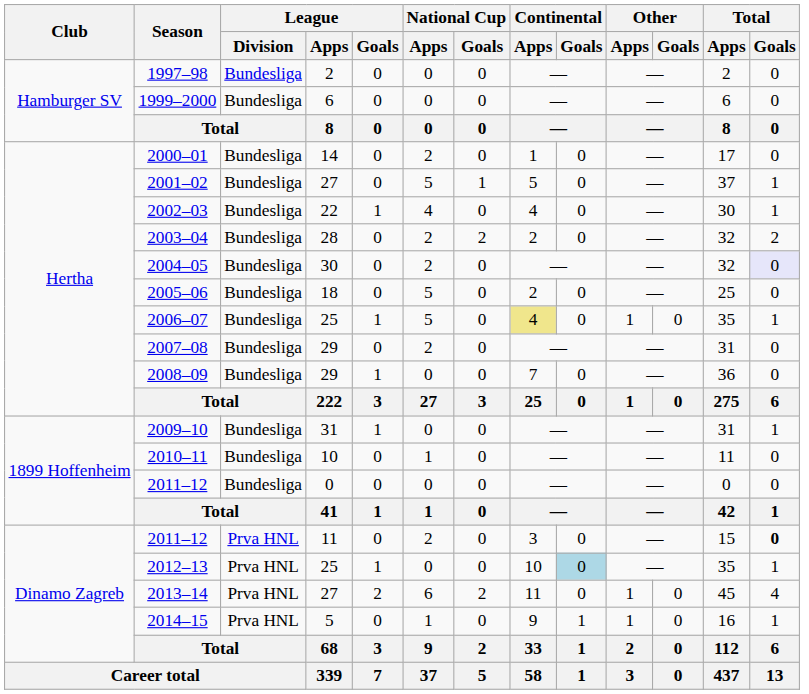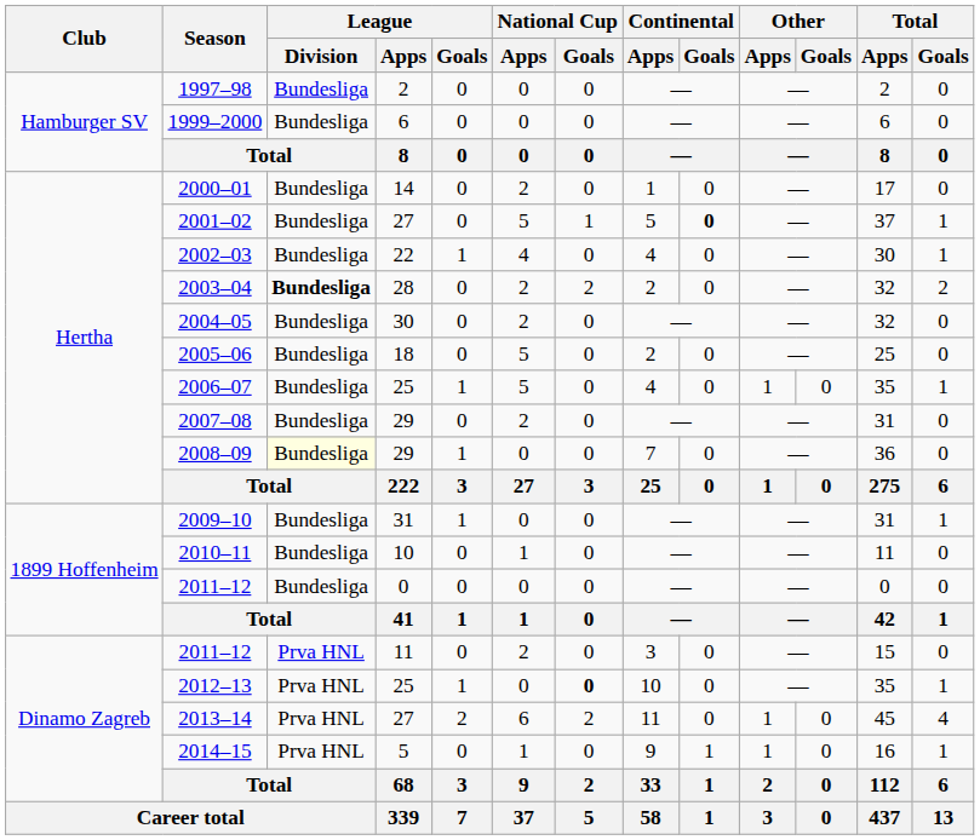 <table class="wikitable" style="text-align:center">
 <tr>
 <th rowspan="2">Club</th>
 <th rowspan="2">Season</th>
 <th colspan="3">League</th>
 <th colspan="2">National Cup</th>
 <th colspan="2">Continental</th>
 <th colspan="2">Other</th>
 <th colspan="2">Total</th>
 </tr>
 <tr>
 <th>Division</th>
 <th>Apps</th>
 <th>Goals</th>
 <th>Apps</th>
 <th>Goals</th>
 <th>Apps</th>
 <th>Goals</th>
 <th>Apps</th>
 <th>Goals</th>
 <th>Apps</th>
 <th>Goals</th>
 </tr>
 <tr>
 <td rowspan="3"><a href='#'>Hamburger SV</a></td>
 <td><a href='#'>1997–98</a></td>
 <td><a href='#'>Bundesliga</a></td>
 <td>2</td>
 <td>0</td>
 <td>0</td>
 <td>0</td>
 <td colspan="2">—</td>
 <td colspan="2">—</td>
 <td>2</td>
 <td>0</td>
 </tr>
 <tr>
 <td><a href='#'>1999–2000</a></td>
 <td>Bundesliga</td>
 <td>6</td>
 <td>0</td>
 <td>0</td>
 <td>0</td>
 <td colspan="2">—</td>
 <td colspan="2">—</td>
 <td>6</td>
 <td>0</td>
 </tr>
 <tr>
 <th colspan="2">Total</th>
 <th>8</th>
 <th>0</th>
 <th>0</th>
 <th>0</th>
 <th colspan="2">—</th>
 <th colspan="2">—</th>
 <th>8</th>
 <th>0</th>
 </tr>
 <tr>
 <td rowspan="10"><a href='#'>Hertha</a></td>
 <td><a href='#'>2000–01</a></td>
 <td>Bundesliga</td>
 <td>14</td>
 <td>0</td>
 <td>2</td>
 <td>0</td>
 <td>1</td>
 <td>0</td>
 <td colspan="2">—</td>
 <td>17</td>
 <td>0</td>
 </tr>
 <tr>
 <td><a href='#'>2001–02</a></td>
 <td>Bundesliga</td>
 <td>27</td>
 <td>0</td>
 <td>5</td>
 <td>1</td>
 <td>5</td>
-<td>0</td>
+<td><strong>0</strong></td>
 <td colspan="2">—</td>
 <td>37</td>
 <td>1</td>
 </tr>
 <tr>
 <td><a href='#'>2002–03</a></td>
 <td>Bundesliga</td>
 <td>22</td>
 <td>1</td>
 <td>4</td>
 <td>0</td>
 <td>4</td>
 <td>0</td>
 <td colspan="2">—</td>
 <td>30</td>
 <td>1</td>
 </tr>
 <tr>
 <td><a href='#'>2003–04</a></td>
-<td>Bundesliga</td>
+<td><strong>Bundesliga</strong></td>
 <td>28</td>
 <td>0</td>
 <td>2</td>
 <td>2</td>
 <td>2</td>
 <td>0</td>
 <td colspan="2">—</td>
 <td>32</td>
 <td>2</td>
 </tr>
 <tr>
 <td><a href='#'>2004–05</a></td>
 <td>Bundesliga</td>
 <td>30</td>
 <td>0</td>
 <td>2</td>
 <td>0</td>
 <td colspan="2">—</td>
 <td colspan="2">—</td>
 <td>32</td>
-<td style="background: lavender;">0</td>
+<td>0</td>
 </tr>
 <tr>
 <td><a href='#'>2005–06</a></td>
 <td>Bundesliga</td>
 <td>18</td>
 <td>0</td>
 <td>5</td>
 <td>0</td>
 <td>2</td>
 <td>0</td>
 <td colspan="2">—</td>
 <td>25</td>
 <td>0</td>
 </tr>
 <tr>
 <td><a href='#'>2006–07</a></td>
 <td>Bundesliga</td>
 <td>25</td>
 <td>1</td>
 <td>5</td>
 <td>0</td>
-<td style="background: khaki;">4</td>
+<td>4</td>
 <td>0</td>
 <td>1</td>
 <td>0</td>
 <td>35</td>
 <td>1</td>
 </tr>
 <tr>
 <td><a href='#'>2007–08</a></td>
 <td>Bundesliga</td>
 <td>29</td>
 <td>0</td>
 <td>2</td>
 <td>0</td>
 <td colspan="2">—</td>
 <td colspan="2">—</td>
 <td>31</td>
 <td>0</td>
 </tr>
 <tr>
 <td><a href='#'>2008–09</a></td>
-<td>Bundesliga</td>
+<td style="background: lightyellow;">Bundesliga</td>
 <td>29</td>
 <td>1</td>
 <td>0</td>
 <td>0</td>
 <td>7</td>
 <td>0</td>
 <td colspan="2">—</td>
 <td>36</td>
 <td>0</td>
 </tr>
 <tr>
 <th colspan="2">Total</th>
 <th>222</th>
 <th>3</th>
 <th>27</th>
 <th>3</th>
 <th>25</th>
 <th>0</th>
 <th>1</th>
 <th>0</th>
 <th>275</th>
 <th>6</th>
 </tr>
 <tr>
 <td rowspan="4"><a href='#'>1899 Hoffenheim</a></td>
 <td><a href='#'>2009–10</a></td>
 <td>Bundesliga</td>
 <td>31</td>
 <td>1</td>
 <td>0</td>
 <td>0</td>
 <td colspan="2">—</td>
 <td colspan="2">—</td>
 <td>31</td>
 <td>1</td>
 </tr>
 <tr>
 <td><a href='#'>2010–11</a></td>
 <td>Bundesliga</td>
 <td>10</td>
 <td>0</td>
 <td>1</td>
 <td>0</td>
 <td colspan="2">—</td>
 <td colspan="2">—</td>
 <td>11</td>
 <td>0</td>
 </tr>
 <tr>
 <td><a href='#'>2011–12</a></td>
 <td>Bundesliga</td>
 <td>0</td>
 <td>0</td>
 <td>0</td>
 <td>0</td>
 <td colspan="2">—</td>
 <td colspan="2">—</td>
 <td>0</td>
 <td>0</td>
 </tr>
 <tr>
 <th colspan="2">Total</th>
 <th>41</th>
 <th>1</th>
 <th>1</th>
 <th>0</th>
 <th colspan="2">—</th>
 <th colspan="2">—</th>
 <th>42</th>
 <th>1</th>
 </tr>
 <tr>
 <td rowspan="5"><a href='#'>Dinamo Zagreb</a></td>
 <td><a href='#'>2011–12</a></td>
 <td><a href='#'>Prva HNL</a></td>
 <td>11</td>
 <td>0</td>
 <td>2</td>
 <td>0</td>
 <td>3</td>
 <td>0</td>
 <td colspan="2">—</td>
 <td>15</td>
-<td><strong>0</strong></td>
+<td>0</td>
 </tr>
 <tr>
 <td><a href='#'>2012–13</a></td>
 <td>Prva HNL</td>
 <td>25</td>
 <td>1</td>
 <td>0</td>
+<td><strong>0</strong></td>
+<td>10</td>
 <td>0</td>
-<td>10</td>
-<td style="background: lightblue;">0</td>
 <td colspan="2">—</td>
 <td>35</td>
 <td>1</td>
 </tr>
 <tr>
 <td><a href='#'>2013–14</a></td>
 <td>Prva HNL</td>
 <td>27</td>
 <td>2</td>
 <td>6</td>
 <td>2</td>
 <td>11</td>
 <td>0</td>
 <td>1</td>
 <td>0</td>
 <td>45</td>
 <td>4</td>
 </tr>
 <tr>
 <td><a href='#'>2014–15</a></td>
 <td>Prva HNL</td>
 <td>5</td>
 <td>0</td>
 <td>1</td>
 <td>0</td>
 <td>9</td>
 <td>1</td>
 <td>1</td>
 <td>0</td>
 <td>16</td>
 <td>1</td>
 </tr>
 <tr>
 <th colspan="2">Total</th>
 <th>68</th>
 <th>3</th>
 <th>9</th>
 <th>2</th>
 <th>33</th>
 <th>1</th>
 <th>2</th>
 <th>0</th>
 <th>112</th>
 <th>6</th>
 </tr>
 <tr>
 <th colspan="3">Career total</th>
 <th>339</th>
 <th>7</th>
 <th>37</th>
 <th>5</th>
 <th>58</th>
 <th>1</th>
 <th>3</th>
 <th>0</th>
 <th>437</th>
 <th>13</th>
 </tr>
 </table>
